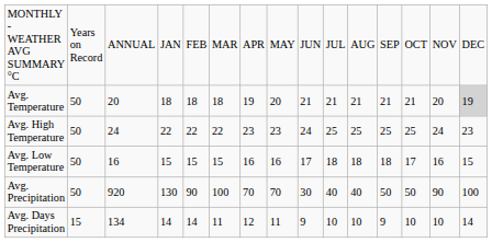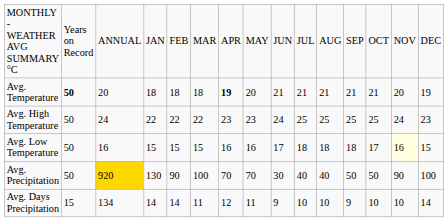 <table class="wikitable">
 <tr>
 <td>MONTHLY - WEATHER AVG SUMMARY °C</td>
 <td>Years on Record</td>
 <td>ANNUAL</td>
 <td>JAN</td>
 <td>FEB</td>
 <td>MAR</td>
 <td>APR</td>
 <td>MAY</td>
 <td>JUN</td>
 <td>JUL</td>
 <td>AUG</td>
 <td>SEP</td>
 <td>OCT</td>
 <td>NOV</td>
 <td>DEC</td>
 </tr>
 <tr>
 <td>Avg.  Temperature</td>
-<td>50</td>
+<td><strong>50</strong></td>
 <td>20</td>
 <td>18</td>
 <td>18</td>
 <td>18</td>
-<td>19</td>
+<td><strong>19</strong></td>
 <td>20</td>
 <td>21</td>
 <td>21</td>
 <td>21</td>
 <td>21</td>
 <td>21</td>
 <td>20</td>
-<td style="background: lightgrey;">19</td>
+<td>19</td>
 </tr>
 <tr>
 <td>Avg.  High Temperature</td>
 <td>50</td>
 <td>24</td>
 <td>22</td>
 <td>22</td>
 <td>22</td>
 <td>23</td>
 <td>23</td>
 <td>24</td>
 <td>25</td>
 <td>25</td>
 <td>25</td>
 <td>25</td>
 <td>24</td>
 <td>23</td>
 </tr>
 <tr>
 <td>Avg. Low  Temperature</td>
 <td>50</td>
 <td>16</td>
 <td>15</td>
 <td>15</td>
 <td>15</td>
 <td>16</td>
 <td>16</td>
 <td>17</td>
 <td>18</td>
 <td>18</td>
 <td>18</td>
 <td>17</td>
-<td>16</td>
+<td style="background: lightyellow;">16</td>
 <td>15</td>
 </tr>
 <tr>
 <td>Avg.  Precipitation</td>
 <td>50</td>
-<td>920</td>
+<td style="background: gold;">920</td>
 <td>130</td>
 <td>90</td>
 <td>100</td>
 <td>70</td>
 <td>70</td>
 <td>30</td>
 <td>40</td>
 <td>40</td>
 <td>50</td>
 <td>50</td>
 <td>90</td>
 <td>100</td>
 </tr>
 <tr>
 <td>Avg. Days  Precipitation</td>
 <td>15</td>
 <td>134</td>
 <td>14</td>
 <td>14</td>
 <td>11</td>
 <td>12</td>
 <td>11</td>
 <td>9</td>
 <td>10</td>
 <td>10</td>
 <td>9</td>
 <td>10</td>
 <td>10</td>
 <td>14</td>
 </tr>
 </table>
